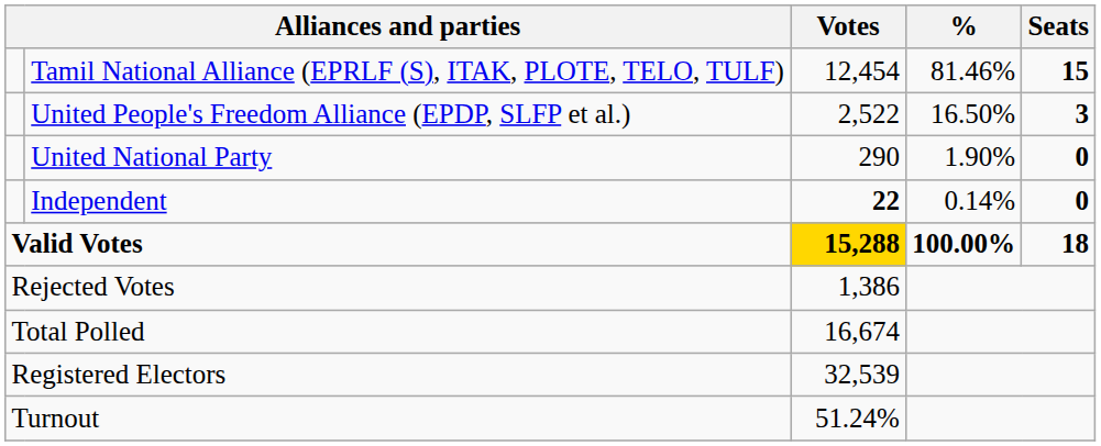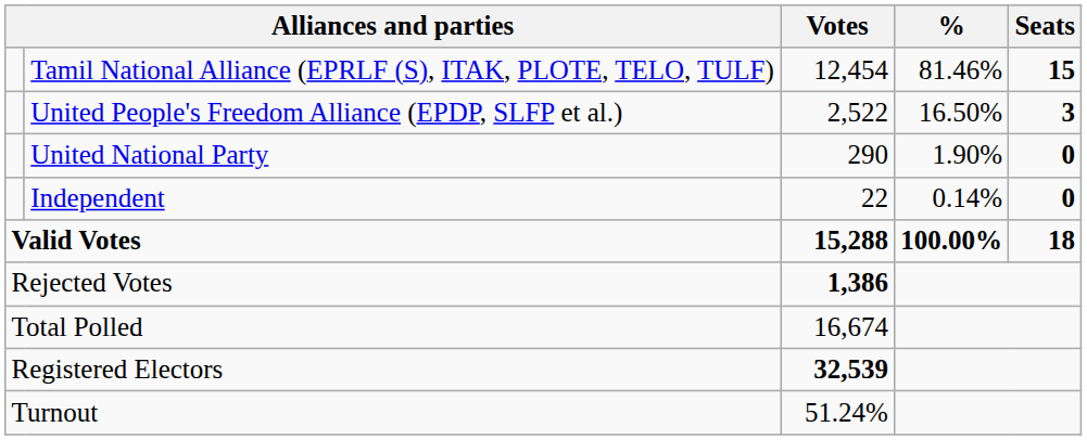 <table class="wikitable" border="1" style="text-align:right;">
 <tr>
 <th valign=bottom align=left colspan=2>Alliances and parties</th>
 <th valign=bottom align=center width="60">Votes</th>
 <th valign=bottom align=center width="50">%</th>
 <th valign=bottom align=center>Seats</th>
 </tr>
 <tr>
 <td bgcolor=> </td>
 <td align=left><a href='#'>Tamil National Alliance</a> (<a href='#'>EPRLF (S)</a>, <a href='#'>ITAK</a>, <a href='#'>PLOTE</a>, <a href='#'>TELO</a>, <a href='#'>TULF</a>)</td>
 <td>12,454</td>
 <td>81.46%</td>
 <td><strong>15</strong></td>
 </tr>
 <tr>
 <td bgcolor=> </td>
 <td align=left><a href='#'>United People's Freedom Alliance</a> (<a href='#'>EPDP</a>, <a href='#'>SLFP</a> et al.)</td>
 <td>2,522</td>
 <td>16.50%</td>
 <td><strong>3</strong></td>
 </tr>
 <tr>
 <td bgcolor=> </td>
 <td align=left><a href='#'>United National Party</a></td>
 <td>290</td>
 <td>1.90%</td>
 <td><strong>0</strong></td>
 </tr>
 <tr>
 <td></td>
 <td align=left><a href='#'>Independent</a></td>
-<td><strong>22</strong></td>
+<td>22</td>
 <td>0.14%</td>
 <td><strong>0</strong></td>
 </tr>
 <tr>
 <td colspan=2 align=left><strong>Valid Votes</strong></td>
-<td style="background: gold;"><strong>15,288</strong></td>
+<td><strong>15,288</strong></td>
 <td><strong>100.00%</strong></td>
 <td><strong>18</strong></td>
 </tr>
 <tr>
 <td colspan=2 align=left>Rejected Votes</td>
-<td>1,386</td>
+<td><strong>1,386</strong></td>
 <td colspan=2></td>
 </tr>
 <tr>
 <td colspan=2 align=left>Total Polled</td>
 <td>16,674</td>
 <td colspan=2></td>
 </tr>
 <tr>
 <td colspan=2 align=left>Registered Electors</td>
-<td>32,539</td>
+<td><strong>32,539</strong></td>
 <td colspan=2></td>
 </tr>
 <tr>
 <td colspan=2 align=left>Turnout</td>
 <td>51.24%</td>
 <td colspan=2></td>
 </tr>
 </table>
